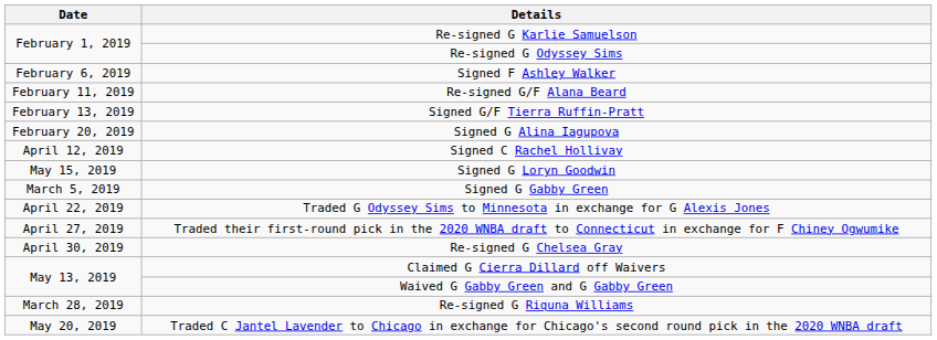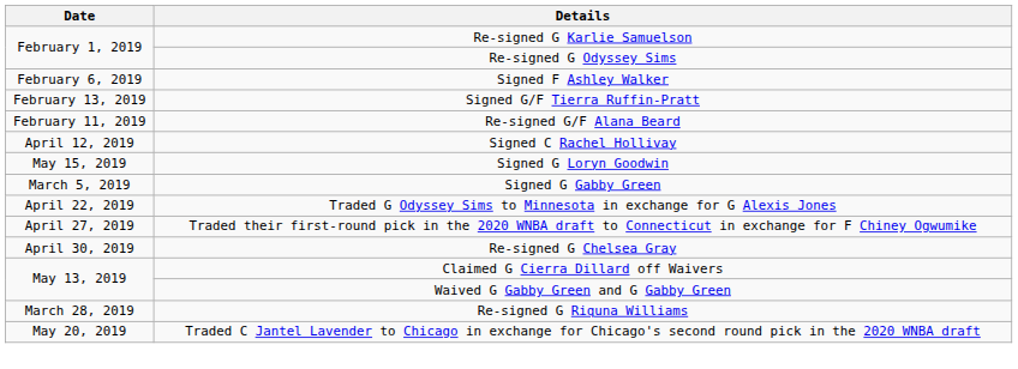 <table class="wikitable" style="width:80%; text-align: center">
 <tr>
 <th>Date</th>
 <th>Details</th>
 </tr>
 <tr>
 <td rowspan=2>February 1, 2019</td>
 <td>Re-signed G <a href='#'>Karlie Samuelson</a></td>
 </tr>
 <tr>
 <td>Re-signed G <a href='#'>Odyssey Sims</a></td>
 </tr>
 <tr>
 <td>February 6, 2019</td>
 <td>Signed F <a href='#'>Ashley Walker</a></td>
 </tr>
 <tr>
-<td>February 11, 2019</td>
-<td>Re-signed G/F <a href='#'>Alana Beard</a></td>
-</tr>
-<tr>
 <td>February 13, 2019</td>
 <td>Signed G/F <a href='#'>Tierra Ruffin-Pratt</a></td>
 </tr>
 <tr>
-<td>February 20, 2019</td>
-<td>Signed G <a href='#'>Alina Iagupova</a></td>
+<td>February 11, 2019</td>
+<td>Re-signed G/F <a href='#'>Alana Beard</a></td>
 </tr>
 <tr>
 <td>April 12, 2019</td>
 <td>Signed C <a href='#'>Rachel Hollivay</a></td>
 </tr>
 <tr>
 <td>May 15, 2019</td>
 <td>Signed G <a href='#'>Loryn Goodwin</a></td>
 </tr>
 <tr>
 <td>March 5, 2019</td>
 <td>Signed G <a href='#'>Gabby Green</a></td>
 </tr>
 <tr>
 <td>April 22, 2019</td>
 <td>Traded G <a href='#'>Odyssey Sims</a> to <a href='#'>Minnesota</a> in exchange for G <a href='#'>Alexis Jones</a></td>
 </tr>
 <tr>
 <td>April 27, 2019</td>
 <td>Traded their first-round pick in the <a href='#'>2020 WNBA draft</a> to <a href='#'>Connecticut</a> in exchange for F <a href='#'>Chiney Ogwumike</a></td>
 </tr>
 <tr>
 <td>April 30, 2019</td>
 <td>Re-signed G <a href='#'>Chelsea Gray</a></td>
 </tr>
 <tr>
 <td rowspan=2>May 13, 2019</td>
 <td>Claimed G <a href='#'>Cierra Dillard</a> off Waivers</td>
 </tr>
 <tr>
 <td>Waived G <a href='#'>Gabby Green</a> and G <a href='#'>Gabby Green</a></td>
 </tr>
 <tr>
 <td>March 28, 2019</td>
 <td>Re-signed G <a href='#'>Riquna Williams</a></td>
 </tr>
 <tr>
 <td>May 20, 2019</td>
 <td>Traded C <a href='#'>Jantel Lavender</a> to <a href='#'>Chicago</a> in exchange for Chicago's second round pick in the <a href='#'>2020 WNBA draft</a></td>
 </tr>
 </table>
